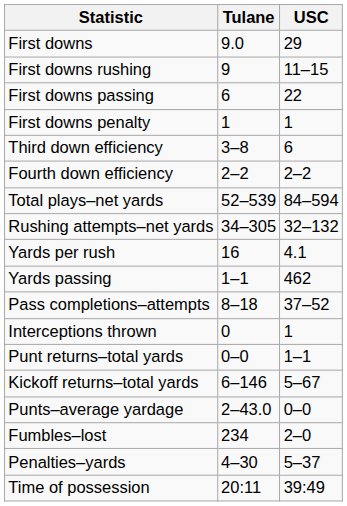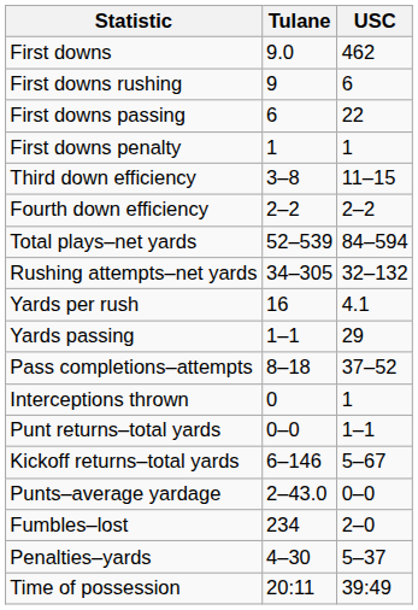 <table class="wikitable">
 <tr>
 <th>Statistic</th>
 <th><strong>Tulane</strong></th>
 <th><strong>USC</strong></th>
 </tr>
 <tr>
 <td>First downs</td>
 <td>9.0</td>
-<td>29</td>
+<td>462</td>
 </tr>
 <tr>
 <td>First downs rushing</td>
 <td>9</td>
-<td>11–15</td>
+<td>6</td>
 </tr>
 <tr>
 <td>First downs passing</td>
 <td>6</td>
 <td>22</td>
 </tr>
 <tr>
 <td>First downs penalty</td>
 <td>1</td>
 <td>1</td>
 </tr>
 <tr>
 <td>Third down efficiency</td>
 <td>3–8</td>
-<td>6</td>
+<td>11–15</td>
 </tr>
 <tr>
 <td>Fourth down efficiency</td>
 <td>2–2</td>
 <td>2–2</td>
 </tr>
 <tr>
 <td>Total plays–net yards</td>
 <td>52–539</td>
 <td>84–594</td>
 </tr>
 <tr>
 <td>Rushing attempts–net yards</td>
 <td>34–305</td>
 <td>32–132</td>
 </tr>
 <tr>
 <td>Yards per rush</td>
 <td>16</td>
 <td>4.1</td>
 </tr>
 <tr>
 <td>Yards passing</td>
 <td>1–1</td>
-<td>462</td>
+<td>29</td>
 </tr>
 <tr>
 <td>Pass completions–attempts</td>
 <td>8–18</td>
 <td>37–52</td>
 </tr>
 <tr>
 <td>Interceptions thrown</td>
 <td>0</td>
 <td>1</td>
 </tr>
 <tr>
 <td>Punt returns–total yards</td>
 <td>0–0</td>
 <td>1–1</td>
 </tr>
 <tr>
 <td>Kickoff returns–total yards</td>
 <td>6–146</td>
 <td>5–67</td>
 </tr>
 <tr>
 <td>Punts–average yardage</td>
 <td>2–43.0</td>
 <td>0–0</td>
 </tr>
 <tr>
 <td>Fumbles–lost</td>
 <td>234</td>
 <td>2–0</td>
 </tr>
 <tr>
 <td>Penalties–yards</td>
 <td>4–30</td>
 <td>5–37</td>
 </tr>
 <tr>
 <td>Time of possession</td>
 <td>20:11</td>
 <td>39:49</td>
 </tr>
 </table>
